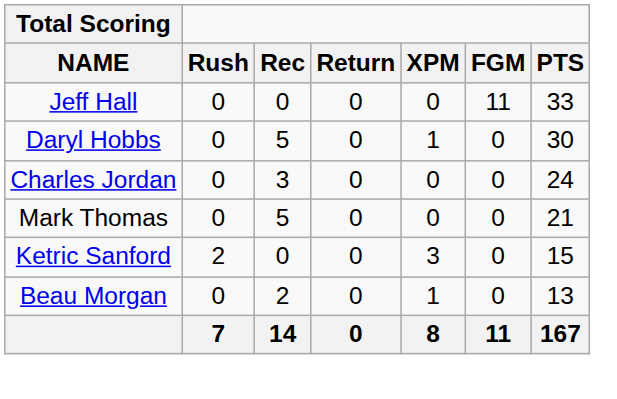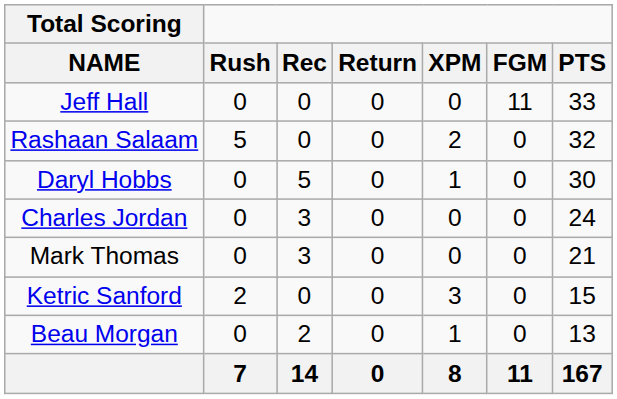 <table class="wikitable sortable" style="text-align:center;">
 <tr>
 <th style="text-align:center;">Total Scoring</th>
 </tr>
 <tr>
 <th>NAME</th>
 <th>Rush</th>
 <th>Rec</th>
 <th>Return</th>
 <th>XPM</th>
 <th>FGM</th>
 <th>PTS</th>
 </tr>
 <tr>
 <td><a href='#'>Jeff Hall</a></td>
 <td>0</td>
 <td>0</td>
 <td>0</td>
 <td>0</td>
 <td>11</td>
 <td>33</td>
 </tr>
 <tr>
+<td><a href='#'>Rashaan Salaam</a></td>
+<td>5</td>
+<td>0</td>
+<td>0</td>
+<td>2</td>
+<td>0</td>
+<td>32</td>
+</tr>
+<tr>
 <td><a href='#'>Daryl Hobbs</a></td>
 <td>0</td>
 <td>5</td>
 <td>0</td>
 <td>1</td>
 <td>0</td>
 <td>30</td>
 </tr>
 <tr>
 <td><a href='#'>Charles Jordan</a></td>
 <td>0</td>
 <td>3</td>
 <td>0</td>
 <td>0</td>
 <td>0</td>
 <td>24</td>
 </tr>
 <tr>
 <td>Mark Thomas</td>
 <td>0</td>
-<td>5</td>
+<td>3</td>
 <td>0</td>
 <td>0</td>
 <td>0</td>
 <td>21</td>
 </tr>
 <tr>
 <td><a href='#'>Ketric Sanford</a></td>
 <td>2</td>
 <td>0</td>
 <td>0</td>
 <td>3</td>
 <td>0</td>
 <td>15</td>
 </tr>
 <tr>
 <td><a href='#'>Beau Morgan</a></td>
 <td>0</td>
 <td>2</td>
 <td>0</td>
 <td>1</td>
 <td>0</td>
 <td>13</td>
 </tr>
 <tr>
 <th colspan="1"></th>
 <th>7</th>
 <th>14</th>
 <th>0</th>
 <th>8</th>
 <th>11</th>
 <th>167</th>
 </tr>
 </table>
